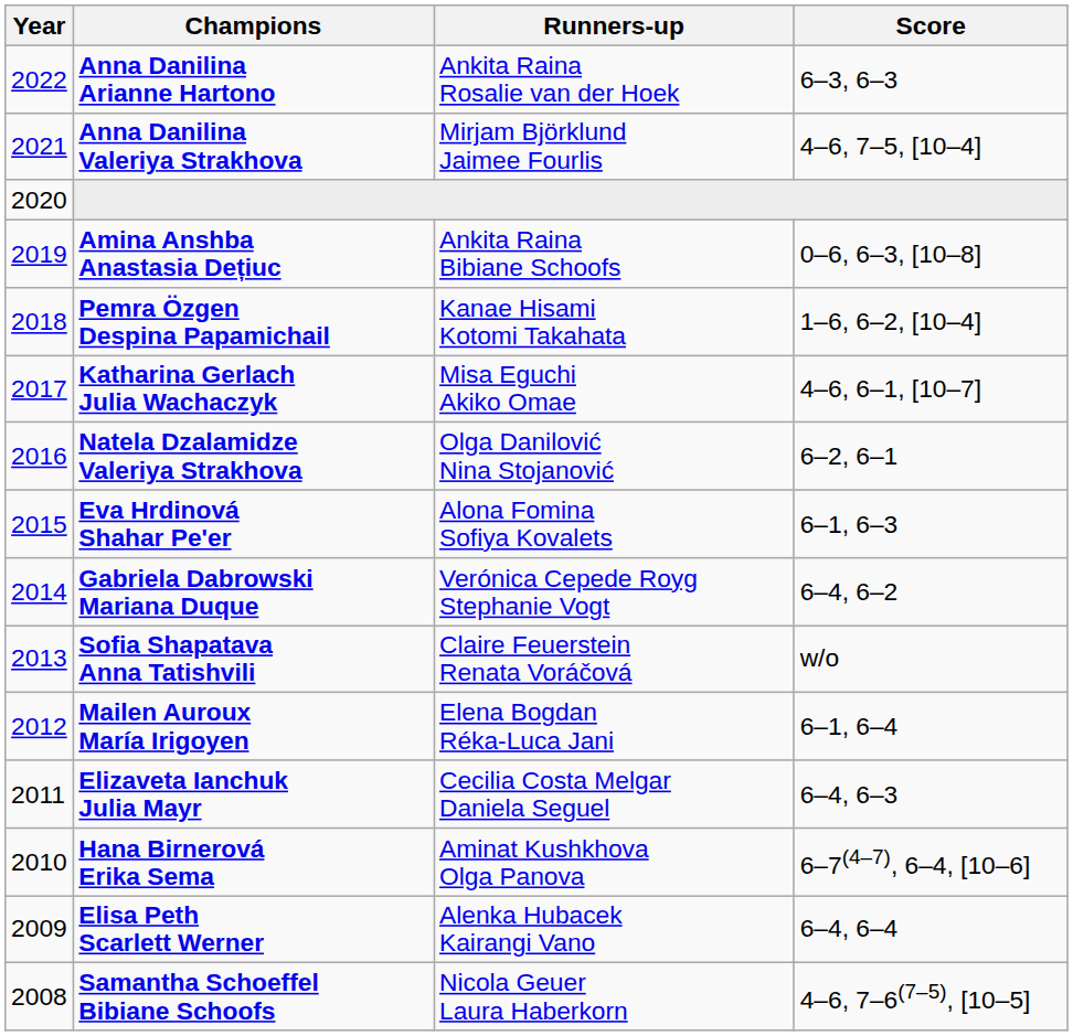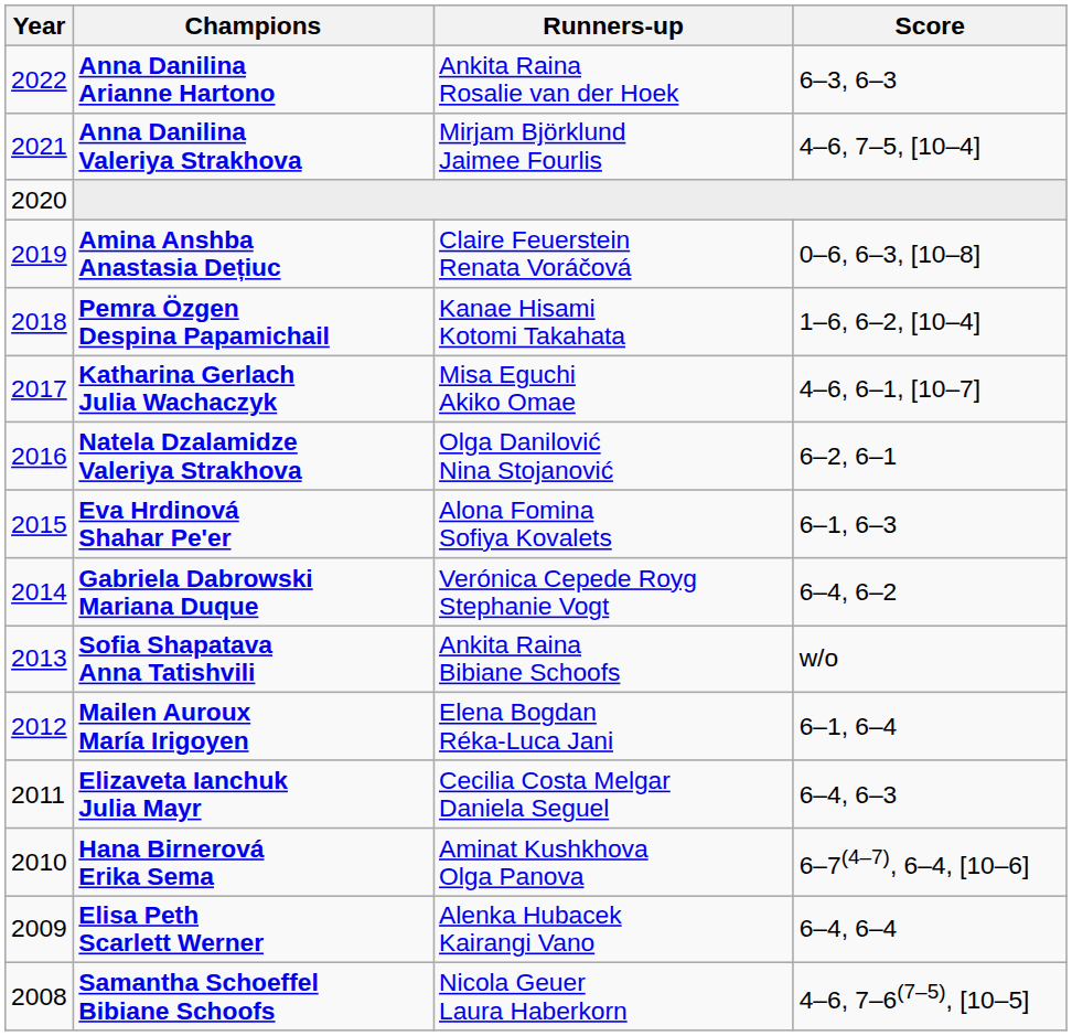 <table class="wikitable" style="font-size:90%">
 <tr>
 <th>Year</th>
 <th width="200">Champions</th>
 <th width="200">Runners-up</th>
 <th width="150">Score</th>
 </tr>
 <tr>
 <td><a href='#'>2022</a></td>
 <td> <strong><a href='#'>Anna Danilina</a></strong> <br>  <strong><a href='#'>Arianne Hartono</a></strong></td>
 <td> <a href='#'>Ankita Raina</a> <br>  <a href='#'>Rosalie van der Hoek</a></td>
 <td>6–3, 6–3</td>
 </tr>
 <tr>
 <td><a href='#'>2021</a></td>
 <td> <strong><a href='#'>Anna Danilina</a></strong> <br>  <strong><a href='#'>Valeriya Strakhova</a></strong></td>
 <td> <a href='#'>Mirjam Björklund</a> <br>  <a href='#'>Jaimee Fourlis</a></td>
 <td>4–6, 7–5, [10–4]</td>
 </tr>
 <tr>
 <td>2020</td>
 <td colspan=3 bgcolor="#ededed"></td>
 </tr>
 <tr>
 <td><a href='#'>2019</a></td>
 <td> <strong><a href='#'>Amina Anshba</a></strong> <br>  <strong><a href='#'>Anastasia Dețiuc</a></strong></td>
-<td> <a href='#'>Ankita Raina</a> <br>  <a href='#'>Bibiane Schoofs</a></td>
+<td> <a href='#'>Claire Feuerstein</a> <br>  <a href='#'>Renata Voráčová</a></td>
 <td>0–6, 6–3, [10–8]</td>
 </tr>
 <tr>
 <td><a href='#'>2018</a></td>
 <td> <strong><a href='#'>Pemra Özgen</a></strong> <br>  <strong><a href='#'>Despina Papamichail</a></strong></td>
 <td> <a href='#'>Kanae Hisami</a> <br>  <a href='#'>Kotomi Takahata</a></td>
 <td>1–6, 6–2, [10–4]</td>
 </tr>
 <tr>
 <td><a href='#'>2017</a></td>
 <td> <strong><a href='#'>Katharina Gerlach</a></strong> <br>  <strong><a href='#'>Julia Wachaczyk</a></strong></td>
 <td> <a href='#'>Misa Eguchi</a> <br>  <a href='#'>Akiko Omae</a></td>
 <td>4–6, 6–1, [10–7]</td>
 </tr>
 <tr>
 <td><a href='#'>2016</a></td>
 <td> <strong><a href='#'>Natela Dzalamidze</a></strong> <br>  <strong><a href='#'>Valeriya Strakhova</a></strong></td>
 <td> <a href='#'>Olga Danilović</a> <br>  <a href='#'>Nina Stojanović</a></td>
 <td>6–2, 6–1</td>
 </tr>
 <tr>
 <td><a href='#'>2015</a></td>
 <td> <strong><a href='#'>Eva Hrdinová</a></strong> <br>  <strong><a href='#'>Shahar Pe'er</a></strong></td>
 <td> <a href='#'>Alona Fomina</a> <br>  <a href='#'>Sofiya Kovalets</a></td>
 <td>6–1, 6–3</td>
 </tr>
 <tr>
 <td><a href='#'>2014</a></td>
 <td> <strong><a href='#'>Gabriela Dabrowski</a></strong> <br>  <strong><a href='#'>Mariana Duque</a></strong></td>
 <td> <a href='#'>Verónica Cepede Royg</a> <br>  <a href='#'>Stephanie Vogt</a></td>
 <td>6–4, 6–2</td>
 </tr>
 <tr>
 <td><a href='#'>2013</a></td>
 <td> <strong><a href='#'>Sofia Shapatava</a></strong> <br>  <strong><a href='#'>Anna Tatishvili</a></strong></td>
-<td> <a href='#'>Claire Feuerstein</a> <br>  <a href='#'>Renata Voráčová</a></td>
+<td> <a href='#'>Ankita Raina</a> <br>  <a href='#'>Bibiane Schoofs</a></td>
 <td>w/o</td>
 </tr>
 <tr>
 <td><a href='#'>2012</a></td>
 <td> <strong><a href='#'>Mailen Auroux</a></strong> <br>  <strong><a href='#'>María Irigoyen</a></strong></td>
 <td> <a href='#'>Elena Bogdan</a> <br>  <a href='#'>Réka-Luca Jani</a></td>
 <td>6–1, 6–4</td>
 </tr>
 <tr>
 <td>2011</td>
 <td> <strong><a href='#'>Elizaveta Ianchuk</a></strong> <br>  <strong><a href='#'>Julia Mayr</a></strong></td>
 <td> <a href='#'>Cecilia Costa Melgar</a> <br>  <a href='#'>Daniela Seguel</a></td>
 <td>6–4, 6–3</td>
 </tr>
 <tr>
 <td>2010</td>
 <td> <strong><a href='#'>Hana Birnerová</a></strong> <br>  <strong><a href='#'>Erika Sema</a></strong></td>
 <td> <a href='#'>Aminat Kushkhova</a> <br>  <a href='#'>Olga Panova</a></td>
 <td>6–7<sup>(4–7)</sup>, 6–4, [10–6]</td>
 </tr>
 <tr>
 <td>2009</td>
 <td> <strong><a href='#'>Elisa Peth</a></strong> <br>  <strong><a href='#'>Scarlett Werner</a></strong></td>
 <td> <a href='#'>Alenka Hubacek</a> <br>  <a href='#'>Kairangi Vano</a></td>
 <td>6–4, 6–4</td>
 </tr>
 <tr>
 <td>2008</td>
 <td> <strong><a href='#'>Samantha Schoeffel</a></strong> <br>  <strong><a href='#'>Bibiane Schoofs</a></strong></td>
 <td> <a href='#'>Nicola Geuer</a> <br>  <a href='#'>Laura Haberkorn</a></td>
 <td>4–6, 7–6<sup>(7–5)</sup>, [10–5]</td>
 </tr>
 </table>
